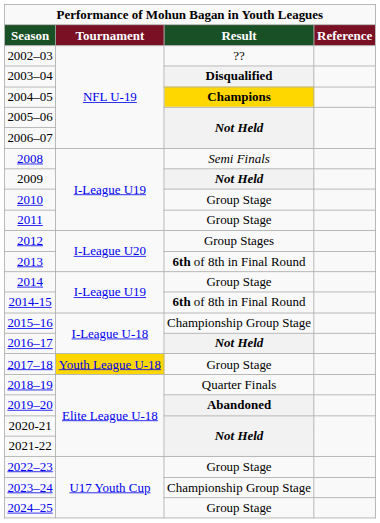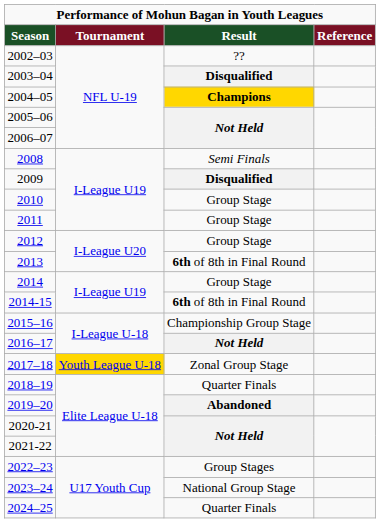 <table class="wikitable" margin-left:1em;float:center">
 <tr>
 <td colspan="7" style="text-align:center"><strong>Performance of Mohun Bagan in Youth Leagues</strong></td>
 </tr>
 <tr>
 <th style="background:#1A5026; color:white; text-align:center;">Season</th>
 <th style="background:#7A1024; color:white; text-align:center;">Tournament</th>
 <th style="background:#1A5026; color:white; text-align:center;">Result</th>
 <th style="background:#7A1024; color:white; text-align:center;">Reference</th>
 </tr>
 <tr>
 <td style="text-align:center">2002–03</td>
 <td rowspan=5 style="text-align:center"><a href='#'>NFL U-19</a></td>
 <td style="text-align:center">??</td>
 <td style="text-align:center"></td>
 </tr>
 <tr>
 <td style="text-align:center">2003–04</td>
 <th>Disqualified </th>
 <td style="text-align:center"></td>
 </tr>
 <tr>
 <td style="text-align:center">2004–05</td>
 <td style="text-align:center; background:Gold"><strong>Champions</strong></td>
 <td style="text-align:center"></td>
 </tr>
 <tr>
 <td style="text-align:center">2005–06</td>
 <th rowspan=2><em>Not Held</em></th>
 <td rowspan=2 style="text-align:center"></td>
 </tr>
 <tr>
 <td style="text-align:center">2006–07</td>
 </tr>
 <tr>
 <td style="text-align:center"><a href='#'>2008</a></td>
 <td rowspan=4 style="text-align:center"><a href='#'>I-League U19</a></td>
 <td style="text-align:center"><em>Semi Finals</em></td>
 <td style="text-align:center"></td>
 </tr>
 <tr>
 <td style="text-align:center">2009</td>
-<th><em>Not Held</em></th>
+<th>Disqualified </th>
 <td></td>
 </tr>
 <tr>
 <td style="text-align:center"><a href='#'>2010</a></td>
 <td style="text-align:center">Group Stage</td>
 <td style="text-align:center"></td>
 </tr>
 <tr>
 <td style="text-align:center"><a href='#'>2011</a></td>
 <td style="text-align:center">Group Stage</td>
 <td style="text-align:center"></td>
 </tr>
 <tr>
 <td style="text-align:center"><a href='#'>2012</a></td>
 <td rowspan=2 style="text-align:center"><a href='#'>I-League U20</a></td>
-<td style="text-align:center">Group Stages</td>
+<td style="text-align:center">Group Stage</td>
 <td style="text-align:center"></td>
 </tr>
 <tr>
 <td style="text-align:center"><a href='#'>2013</a></td>
 <td style="text-align:center"><strong>6th</strong> of 8th in Final Round</td>
 <td style="text-align:center"></td>
 </tr>
 <tr>
 <td style="text-align:center"><a href='#'>2014</a></td>
 <td rowspan=2 style="text-align:center"><a href='#'>I-League U19</a></td>
 <td style="text-align:center">Group Stage</td>
 <td style="text-align:center"></td>
 </tr>
 <tr>
 <td style="text-align:center"><a href='#'>2014-15</a></td>
 <td style="text-align:center"><strong>6th</strong> of 8th in Final Round</td>
 <td style="text-align:center"></td>
 </tr>
 <tr>
 <td style="text-align:center"><a href='#'>2015–16</a></td>
 <td rowspan=2 style="text-align:center"><a href='#'>I-League U-18</a></td>
 <td style="text-align:center">Championship Group Stage</td>
 <td style="text-align:center"></td>
 </tr>
 <tr>
 <td style="text-align:center"><a href='#'>2016–17</a></td>
 <th><em>Not Held</em></th>
 <td style="text-align:center"></td>
 </tr>
 <tr>
 <td style="text-align:center"><a href='#'>2017–18</a></td>
 <td rowspan=1 style="background: gold; text-align:center"><a href='#'>Youth League U-18</a></td>
-<td style="text-align:center">Group Stage</td>
+<td style="text-align:center">Zonal Group Stage</td>
 <td style="text-align:center"></td>
 </tr>
 <tr>
 <td style="text-align:center"><a href='#'>2018–19</a></td>
 <td rowspan=4 style="text-align:center"><a href='#'>Elite League U-18</a></td>
 <td style="text-align:center">Quarter Finals</td>
 <td style="text-align:center"></td>
 </tr>
 <tr>
 <td style="text-align:center"><a href='#'>2019–20</a></td>
 <th>Abandoned </th>
 <td style="text-align:center"></td>
 </tr>
 <tr>
 <td style="text-align:center">2020-21</td>
 <th rowspan=2><em>Not Held</em></th>
 <td rowspan=2 style="text-align:center"></td>
 </tr>
 <tr>
 <td style="text-align:center">2021-22</td>
 </tr>
 <tr>
 <td style="text-align:center"><a href='#'>2022–23</a></td>
 <td rowspan=3 style="text-align:center"><a href='#'>U17 Youth Cup</a></td>
-<td style="text-align:center">Group Stage</td>
+<td style="text-align:center">Group Stages</td>
 <td style="text-align:center"></td>
 </tr>
 <tr>
 <td style="text-align:center"><a href='#'>2023–24</a></td>
-<td style="text-align:center">Championship Group Stage</td>
+<td style="text-align:center">National Group Stage</td>
 <td style="text-align:center"></td>
 </tr>
 <tr>
 <td style="text-align:center"><a href='#'>2024–25</a></td>
-<td style="text-align:center">Group Stage</td>
+<td style="text-align:center">Quarter Finals</td>
 <td style="text-align:center"></td>
 </tr>
 </table>
